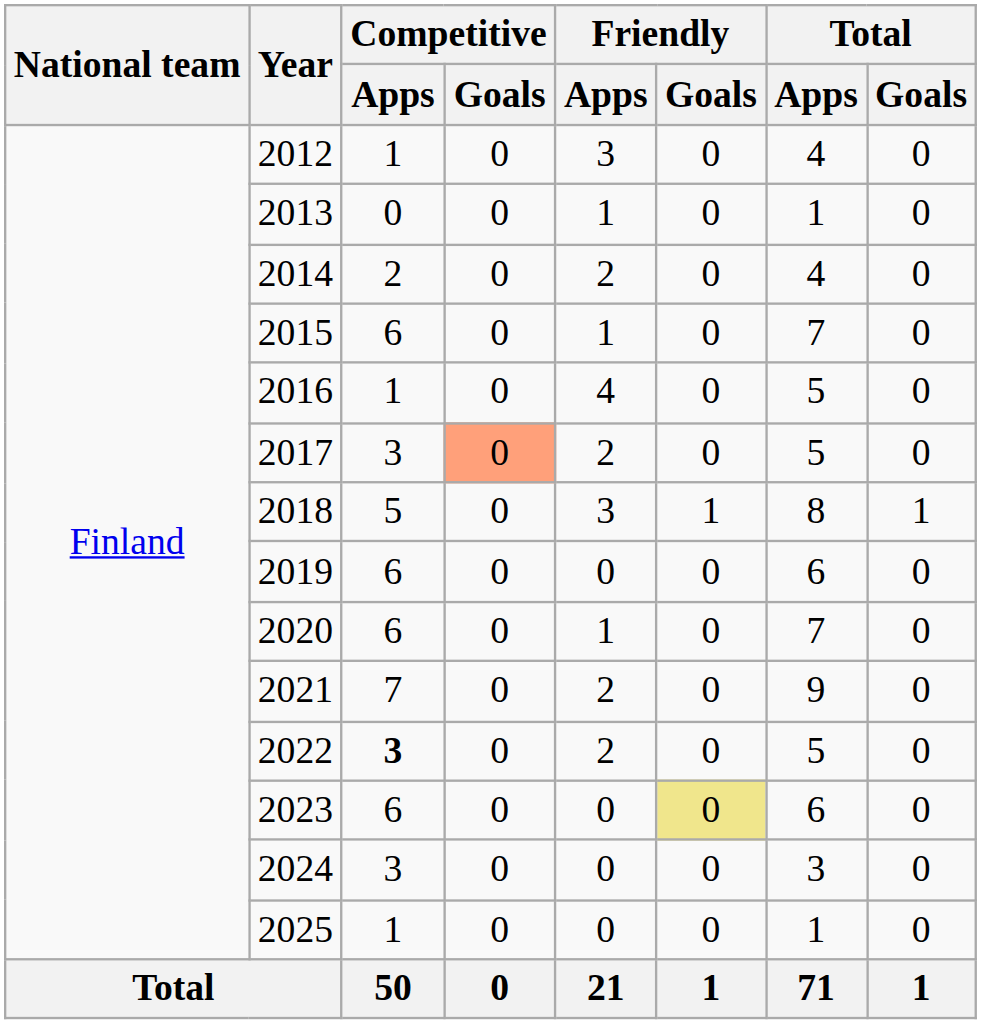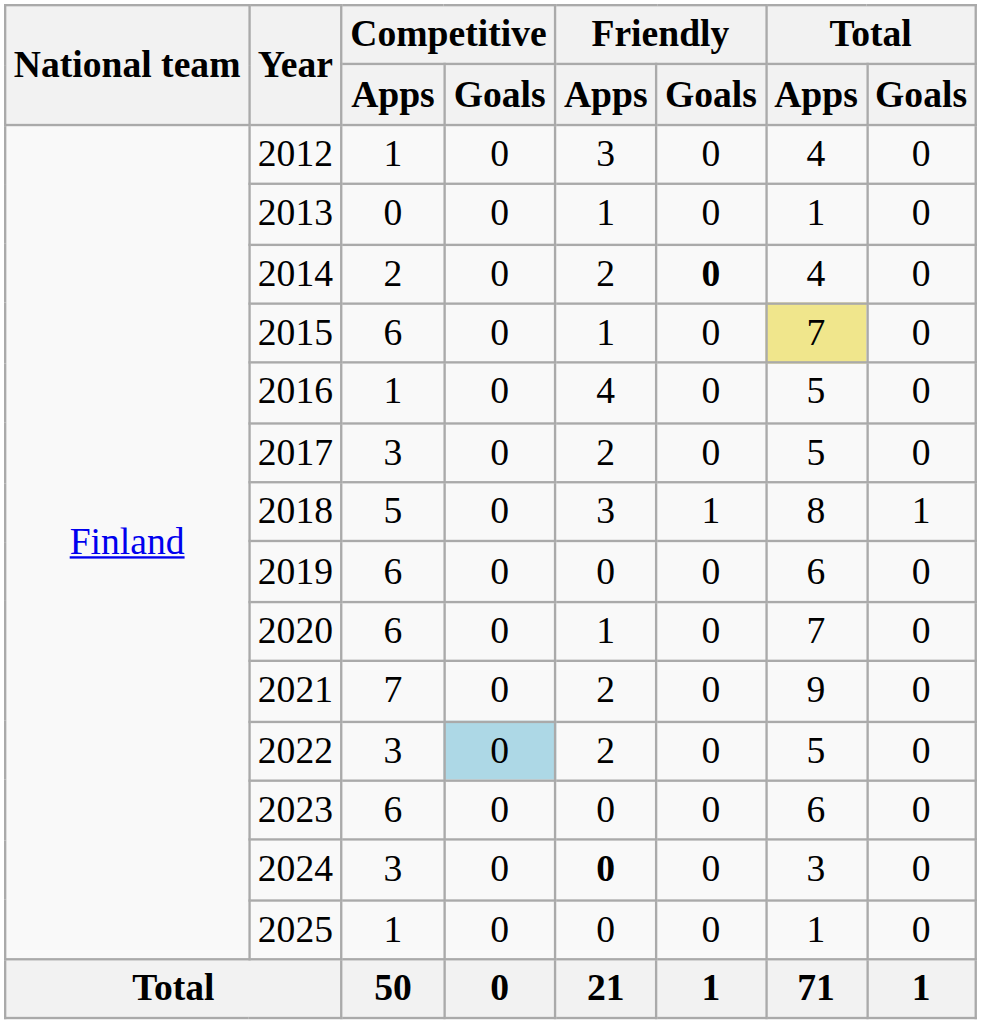 <table class="wikitable" style="text-align:center">
 <tr>
 <th rowspan="2">National team</th>
 <th rowspan="2">Year</th>
 <th colspan="2">Competitive</th>
 <th colspan="2">Friendly</th>
 <th colspan="2">Total</th>
 </tr>
 <tr>
 <th>Apps</th>
 <th>Goals</th>
 <th>Apps</th>
 <th>Goals</th>
 <th>Apps</th>
 <th>Goals</th>
 </tr>
 <tr>
 <td rowspan="14"><a href='#'>Finland</a></td>
 <td>2012</td>
 <td>1</td>
 <td>0</td>
 <td>3</td>
 <td>0</td>
 <td>4</td>
 <td>0</td>
 </tr>
 <tr>
 <td>2013</td>
 <td>0</td>
 <td>0</td>
 <td>1</td>
 <td>0</td>
 <td>1</td>
 <td>0</td>
 </tr>
 <tr>
 <td>2014</td>
 <td>2</td>
 <td>0</td>
 <td>2</td>
-<td>0</td>
+<td><strong>0</strong></td>
 <td>4</td>
 <td>0</td>
 </tr>
 <tr>
 <td>2015</td>
 <td>6</td>
 <td>0</td>
 <td>1</td>
 <td>0</td>
-<td>7</td>
+<td style="background: khaki;">7</td>
 <td>0</td>
 </tr>
 <tr>
 <td>2016</td>
 <td>1</td>
 <td>0</td>
 <td>4</td>
 <td>0</td>
 <td>5</td>
 <td>0</td>
 </tr>
 <tr>
 <td>2017</td>
 <td>3</td>
-<td style="background: lightsalmon;">0</td>
+<td>0</td>
 <td>2</td>
 <td>0</td>
 <td>5</td>
 <td>0</td>
 </tr>
 <tr>
 <td>2018</td>
 <td>5</td>
 <td>0</td>
 <td>3</td>
 <td>1</td>
 <td>8</td>
 <td>1</td>
 </tr>
 <tr>
 <td>2019</td>
 <td>6</td>
 <td>0</td>
 <td>0</td>
 <td>0</td>
 <td>6</td>
 <td>0</td>
 </tr>
 <tr>
 <td>2020</td>
 <td>6</td>
 <td>0</td>
 <td>1</td>
 <td>0</td>
 <td>7</td>
 <td>0</td>
 </tr>
 <tr>
 <td>2021</td>
 <td>7</td>
 <td>0</td>
 <td>2</td>
 <td>0</td>
 <td>9</td>
 <td>0</td>
 </tr>
 <tr>
 <td>2022</td>
-<td><strong>3</strong></td>
-<td>0</td>
+<td>3</td>
+<td style="background: lightblue;">0</td>
 <td>2</td>
 <td>0</td>
 <td>5</td>
 <td>0</td>
 </tr>
 <tr>
 <td>2023</td>
 <td>6</td>
 <td>0</td>
 <td>0</td>
-<td style="background: khaki;">0</td>
+<td>0</td>
 <td>6</td>
 <td>0</td>
 </tr>
 <tr>
 <td>2024</td>
 <td>3</td>
 <td>0</td>
-<td>0</td>
+<td><strong>0</strong></td>
 <td>0</td>
 <td>3</td>
 <td>0</td>
 </tr>
 <tr>
 <td>2025</td>
 <td>1</td>
 <td>0</td>
 <td>0</td>
 <td>0</td>
 <td>1</td>
 <td>0</td>
 </tr>
 <tr>
 <th colspan="2">Total</th>
 <th>50</th>
 <th>0</th>
 <th>21</th>
 <th>1</th>
 <th>71</th>
 <th>1</th>
 </tr>
 </table>
